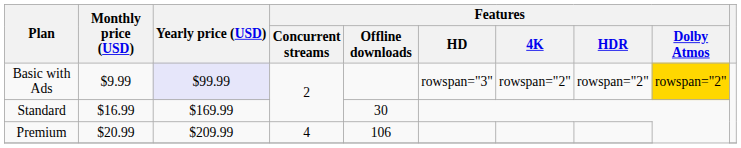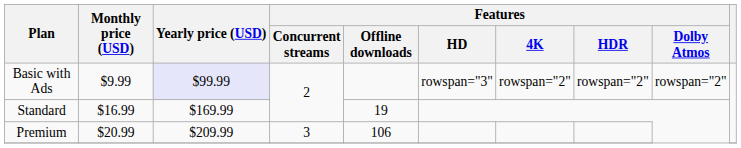 <table class="wikitable" style="text-align:center;">
 <tr>
 <th style="width:5em" rowspan="2">Plan</th>
 <th style="width:5em" rowspan="2">Monthly price (<a href='#'>USD</a>)</th>
 <th rowspan="2">Yearly price (<a href='#'>USD</a>)</th>
 <th colspan="6">Features</th>
 <th rowspan="2"></th>
 </tr>
 <tr>
 <th style="width:5em">Concurrent streams</th>
 <th style="width:5em">Offline downloads</th>
 <th style="width:5em">HD</th>
 <th style="width:5em"><a href='#'>4K</a></th>
 <th style="width:5em"><a href='#'>HDR</a></th>
 <th style="width:5em"><a href='#'>Dolby Atmos</a></th>
 </tr>
 <tr>
 <td>Basic with Ads</td>
 <td>$9.99</td>
 <td style="background: lavender;">$99.99</td>
 <td rowspan="2">2</td>
 <td></td>
 <td>rowspan="3"  </td>
 <td>rowspan="2"  </td>
 <td>rowspan="2"  </td>
-<td style="background: gold;">rowspan="2"  </td>
+<td>rowspan="2"  </td>
 <td rowspan="3"></td>
 </tr>
 <tr>
 <td>Standard</td>
 <td>$16.99</td>
 <td>$169.99</td>
-<td>30</td>
+<td>19</td>
 </tr>
 <tr>
 <td>Premium</td>
 <td>$20.99</td>
 <td>$209.99</td>
-<td>4</td>
+<td>3</td>
 <td>106</td>
 <td></td>
 <td></td>
 <td></td>
 </tr>
 <tr>
 </tr>
 </table>
